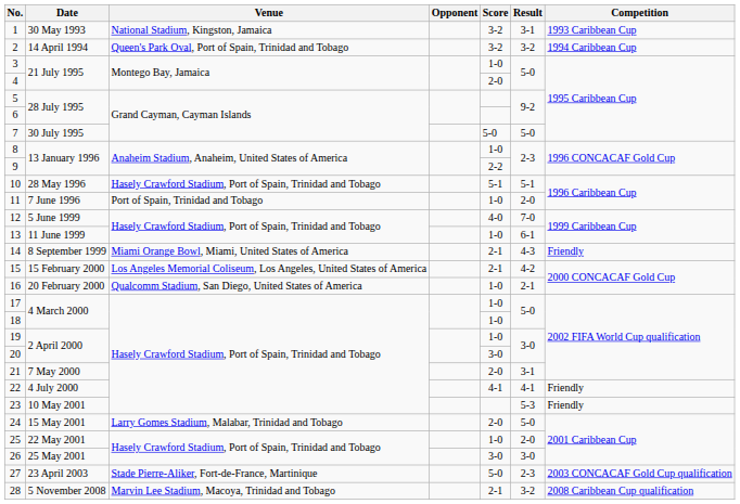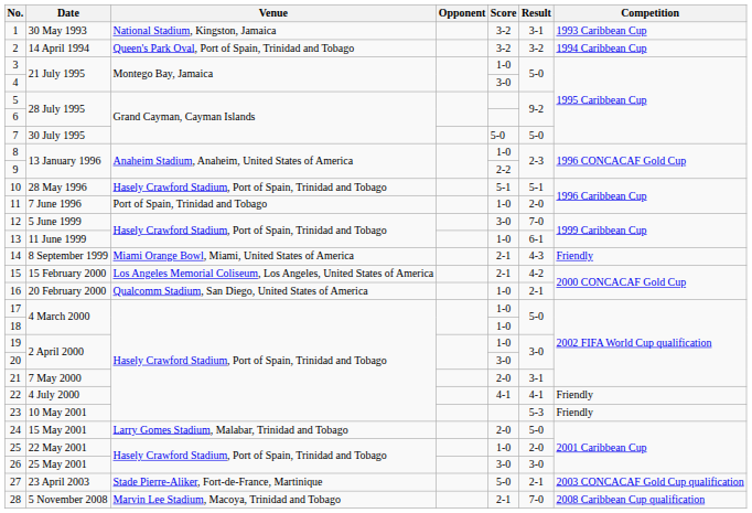 <table class="wikitable sortable">
 <tr>
 <th scope="col">No.</th>
 <th scope="col">Date</th>
 <th scope="col">Venue</th>
 <th scope="col">Opponent</th>
 <th scope="col">Score</th>
 <th scope="col">Result</th>
 <th scope="col">Competition</th>
 </tr>
 <tr>
 <td align="center">1</td>
 <td>30 May 1993</td>
 <td><a href='#'>National Stadium</a>, Kingston, Jamaica</td>
 <td></td>
 <td align="center">3-2</td>
 <td align="center">3-1</td>
 <td><a href='#'>1993 Caribbean Cup</a></td>
 </tr>
 <tr>
 <td align="center">2</td>
 <td>14 April 1994</td>
 <td><a href='#'>Queen's Park Oval</a>, Port of Spain,  Trinidad and Tobago</td>
 <td></td>
 <td align="center">3-2</td>
 <td align="center">3-2</td>
 <td><a href='#'>1994 Caribbean Cup</a></td>
 </tr>
 <tr>
 <td align="center">3</td>
 <td rowspan="2">21 July 1995</td>
 <td rowspan="2">Montego Bay, Jamaica</td>
 <td rowspan="2"></td>
 <td align="center">1-0</td>
 <td rowspan="2" align="center">5-0</td>
 <td rowspan="5"><a href='#'>1995 Caribbean Cup</a></td>
 </tr>
 <tr>
 <td align="center">4</td>
-<td align="center">2-0</td>
+<td align="center">3-0</td>
 </tr>
 <tr>
 <td align="center">5</td>
 <td rowspan="2">28 July 1995</td>
 <td rowspan="3">Grand Cayman, Cayman Islands</td>
 <td rowspan="2"></td>
 <td></td>
 <td rowspan="2" align="center">9-2</td>
 </tr>
 <tr>
 <td align="center">6</td>
 <td></td>
 </tr>
 <tr>
 <td align="center">7</td>
 <td>30 July 1995</td>
 <td></td>
 <td 1align="center">5-0</td>
 <td align="center">5-0</td>
 </tr>
 <tr>
 <td align="center">8</td>
 <td rowspan="2">13 January 1996</td>
 <td rowspan="2"><a href='#'>Anaheim Stadium</a>, Anaheim, United States of America</td>
 <td rowspan="2"></td>
 <td align="center">1-0</td>
 <td rowspan="2" align="center">2-3</td>
 <td rowspan="2"><a href='#'>1996 CONCACAF Gold Cup</a></td>
 </tr>
 <tr>
 <td align="center">9</td>
 <td align="center">2-2</td>
 </tr>
 <tr>
 <td align="center">10</td>
 <td>28 May 1996</td>
 <td><a href='#'>Hasely Crawford Stadium</a>, Port of Spain, Trinidad and Tobago</td>
 <td></td>
 <td align="center">5-1</td>
 <td align="center">5-1</td>
 <td rowspan="2"><a href='#'>1996 Caribbean Cup</a></td>
 </tr>
 <tr>
 <td align="center">11</td>
 <td>7 June 1996</td>
 <td>Port of Spain, Trinidad and Tobago</td>
 <td></td>
 <td align="center">1-0</td>
 <td align="center">2-0</td>
 </tr>
 <tr>
 <td align="center">12</td>
 <td>5 June 1999</td>
 <td rowspan="2"><a href='#'>Hasely Crawford Stadium</a>, Port of Spain, Trinidad and Tobago</td>
 <td></td>
-<td align="center">4-0</td>
+<td align="center">3-0</td>
 <td align="center">7-0</td>
 <td rowspan="2"><a href='#'>1999 Caribbean Cup</a></td>
 </tr>
 <tr>
 <td align="center">13</td>
 <td>11 June 1999</td>
 <td></td>
 <td align="center">1-0</td>
 <td align="center">6-1</td>
 </tr>
 <tr>
 <td align="center">14</td>
 <td>8 September 1999</td>
 <td><a href='#'>Miami Orange Bowl</a>, Miami, United States of America</td>
 <td></td>
 <td align="center">2-1</td>
 <td align="center">4-3</td>
 <td><a href='#'>Friendly</a></td>
 </tr>
 <tr>
 <td align="center">15</td>
 <td>15 February 2000</td>
 <td><a href='#'>Los Angeles Memorial Coliseum</a>, Los Angeles, United States of America</td>
 <td></td>
 <td align="center">2-1</td>
 <td align="center">4-2</td>
 <td rowspan="2"><a href='#'>2000 CONCACAF Gold Cup</a></td>
 </tr>
 <tr>
 <td align="center">16</td>
 <td>20 February 2000</td>
 <td><a href='#'>Qualcomm Stadium</a>, San Diego, United States of America</td>
 <td></td>
 <td align="center">1-0</td>
 <td align="center">2-1</td>
 </tr>
 <tr>
 <td align="center">17</td>
 <td rowspan="2">4 March 2000</td>
 <td rowspan="7"><a href='#'>Hasely Crawford Stadium</a>, Port of Spain, Trinidad and Tobago</td>
 <td rowspan="2"></td>
 <td align="center">1-0</td>
 <td rowspan="2" align="center">5-0</td>
 <td rowspan="5"><a href='#'>2002 FIFA World Cup qualification</a></td>
 </tr>
 <tr>
 <td align="center">18</td>
 <td align="center">1-0</td>
 </tr>
 <tr>
 <td align="center">19</td>
 <td rowspan="2">2 April 2000</td>
 <td rowspan="2"></td>
 <td align="center">1-0</td>
 <td rowspan="2" align="center">3-0</td>
 </tr>
 <tr>
 <td align="center">20</td>
 <td align="center">3-0</td>
 </tr>
 <tr>
 <td align="center">21</td>
 <td>7 May 2000</td>
 <td></td>
 <td align="center">2-0</td>
 <td align="center">3-1</td>
 </tr>
 <tr>
 <td align="center">22</td>
 <td>4 July 2000</td>
 <td></td>
 <td align="center">4-1</td>
 <td align="center">4-1</td>
 <td>Friendly</td>
 </tr>
 <tr>
 <td align="center">23</td>
 <td>10 May 2001</td>
 <td></td>
 <td></td>
 <td align="center">5-3</td>
 <td>Friendly</td>
 </tr>
 <tr>
 <td align="center">24</td>
 <td>15 May 2001</td>
 <td><a href='#'>Larry Gomes Stadium</a>, Malabar, Trinidad and Tobago</td>
 <td></td>
 <td align="center">2-0</td>
 <td align="center">5-0</td>
 <td rowspan="3"><a href='#'>2001 Caribbean Cup</a></td>
 </tr>
 <tr>
 <td align="center">25</td>
 <td>22 May 2001</td>
 <td rowspan="2"><a href='#'>Hasely Crawford Stadium</a>, Port of Spain, Trinidad and Tobago</td>
 <td></td>
 <td align="center">1-0</td>
 <td align="center">2-0</td>
 </tr>
 <tr>
 <td align="center">26</td>
 <td>25 May 2001</td>
 <td></td>
 <td align="center">3-0</td>
 <td align="center">3-0</td>
 </tr>
 <tr>
 <td align="center">27</td>
 <td>23 April 2003</td>
 <td><a href='#'>Stade Pierre-Aliker</a>, Fort-de-France, Martinique</td>
 <td></td>
 <td align="center">5-0</td>
-<td align="center">2-3</td>
+<td align="center">2-1</td>
 <td><a href='#'>2003 CONCACAF Gold Cup qualification</a></td>
 </tr>
 <tr>
 <td align="center">28</td>
 <td>5 November 2008</td>
 <td><a href='#'>Marvin Lee Stadium</a>, Macoya, Trinidad and Tobago</td>
 <td></td>
 <td align="center">2-1</td>
-<td align="center">3-2</td>
+<td align="center">7-0</td>
 <td><a href='#'>2008 Caribbean Cup qualification</a></td>
 </tr>
 </table>
